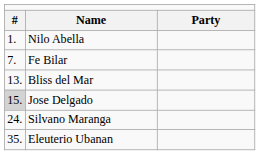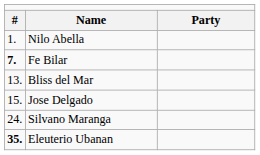 <table class=wikitable style="font-size:90%">
 <tr>
 <td colspan=4 bgcolor=></td>
 </tr>
 <tr>
 <th>#</th>
 <th width=150px>Name</th>
 <th colspan=2 width=110px>Party</th>
 </tr>
 <tr>
 <td>1.</td>
 <td>Nilo Abella</td>
 <td></td>
 </tr>
 <tr>
-<td>7.</td>
+<td><strong>7.</strong></td>
 <td>Fe Bilar</td>
 <td></td>
 </tr>
 <tr>
 <td>13.</td>
 <td>Bliss del Mar</td>
 <td></td>
 </tr>
 <tr>
-<td style="background: lightgrey;">15.</td>
+<td>15.</td>
 <td>Jose Delgado</td>
 <td></td>
 </tr>
 <tr>
 <td>24.</td>
 <td>Silvano Maranga</td>
 <td></td>
 </tr>
 <tr>
-<td>35.</td>
+<td><strong>35.</strong></td>
 <td>Eleuterio Ubanan</td>
 <td></td>
 </tr>
 </table>
